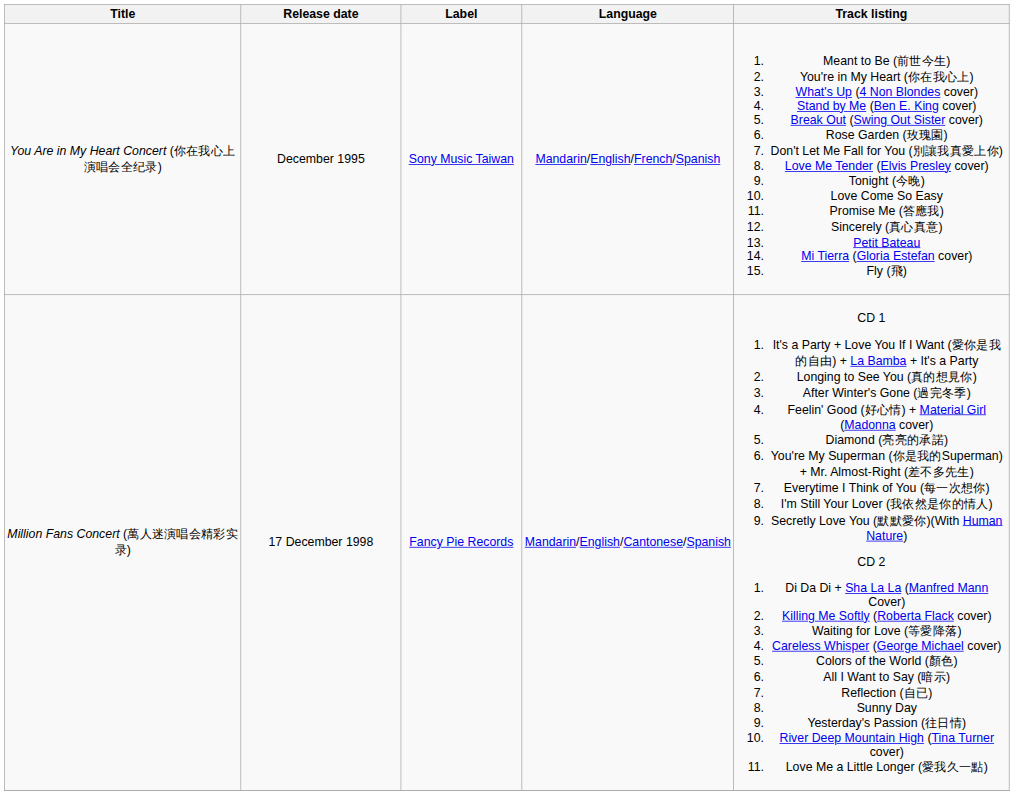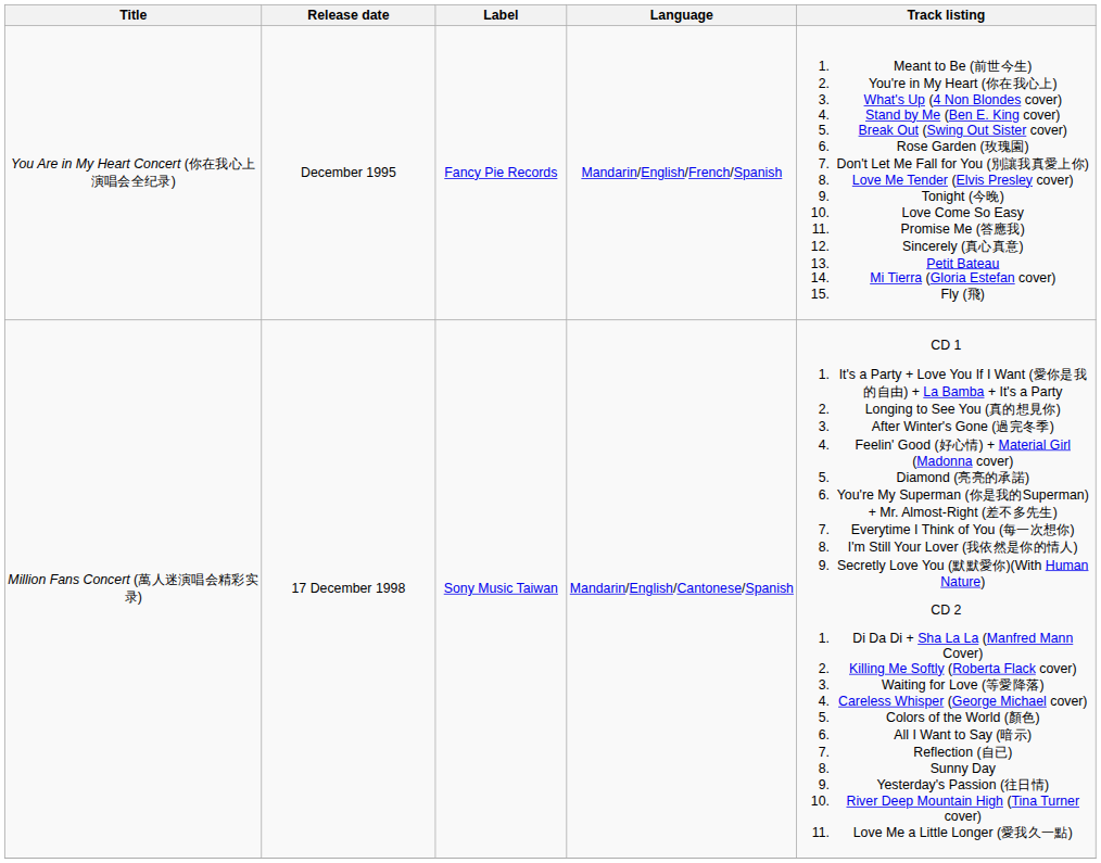 <table class="wikitable" style="text-align:center;">
 <tr>
 <th align="left" width="300px">Title</th>
 <th align="left" width="200px">Release date</th>
 <th align="left" width="150px">Label</th>
 <th align="left" width="100px">Language</th>
 <th align="left" width="350px">Track listing</th>
 </tr>
 <tr>
 <td><em>You Are in My Heart Concert</em> (你在我心上演唱会全纪录)</td>
 <td>December 1995</td>
-<td><a href='#'>Sony Music Taiwan</a></td>
+<td><a href='#'>Fancy Pie Records</a></td>
 <td><a href='#'>Mandarin</a>/<a href='#'>English</a>/<a href='#'>French</a>/<a href='#'>Spanish</a></td>
 <td><br><ol><li>Meant to Be (前世今生)</li><li>You're in My Heart (你在我心上)</li><li><a href='#'>What's Up</a> (<a href='#'>4 Non Blondes</a> cover)</li><li><a href='#'>Stand by Me</a> (<a href='#'>Ben E. King</a> cover)</li><li><a href='#'>Break Out</a> (<a href='#'>Swing Out Sister</a> cover)</li><li>Rose Garden (玫瑰園)</li><li>Don't Let Me Fall for You (別讓我真愛上你)</li><li><a href='#'>Love Me Tender</a> (<a href='#'>Elvis Presley</a> cover)</li><li>Tonight (今晚)</li><li>Love Come So Easy</li><li>Promise Me (答應我)</li><li>Sincerely (真心真意)</li><li><a href='#'>Petit Bateau</a></li><li><a href='#'>Mi Tierra</a> (<a href='#'>Gloria Estefan</a> cover)</li><li>Fly (飛)</li></ol></td>
 </tr>
 <tr>
 <td><em>Million Fans Concert</em> (萬人迷演唱会精彩实录)</td>
 <td>17 December 1998</td>
-<td><a href='#'>Fancy Pie Records</a></td>
+<td><a href='#'>Sony Music Taiwan</a></td>
 <td><a href='#'>Mandarin</a>/<a href='#'>English</a>/<a href='#'>Cantonese</a>/<a href='#'>Spanish</a></td>
 <td><br>CD 1<ol><li>It's a Party + Love You If I Want (愛你是我的自由) + <a href='#'>La Bamba</a> + It's a Party</li><li>Longing to See You (真的想見你)</li><li>After Winter's Gone (過完冬季)</li><li>Feelin' Good (好心情) + <a href='#'>Material Girl</a> (<a href='#'>Madonna</a> cover)</li><li>Diamond (亮亮的承諾)</li><li>You're My Superman (你是我的Superman) + Mr. Almost-Right (差不多先生)</li><li>Everytime I Think of You (每一次想你)</li><li>I'm Still Your Lover (我依然是你的情人)</li><li>Secretly Love You (默默愛你)(With <a href='#'>Human Nature</a>)</li></ol>CD 2<ol><li>Di Da Di + <a href='#'>Sha La La</a> (<a href='#'>Manfred Mann</a> Cover)</li><li><a href='#'>Killing Me Softly</a> (<a href='#'>Roberta Flack</a> cover)</li><li>Waiting for Love (等愛降落)</li><li><a href='#'>Careless Whisper</a> (<a href='#'>George Michael</a> cover)</li><li>Colors of the World (顏色)</li><li>All I Want to Say (暗示)</li><li>Reflection (自已)</li><li>Sunny Day</li><li>Yesterday's Passion (往日情)</li><li><a href='#'>River Deep Mountain High</a> (<a href='#'>Tina Turner</a> cover)</li><li>Love Me a Little Longer (愛我久一點)</li></ol></td>
 </tr>
 <tr>
 </tr>
 </table>
